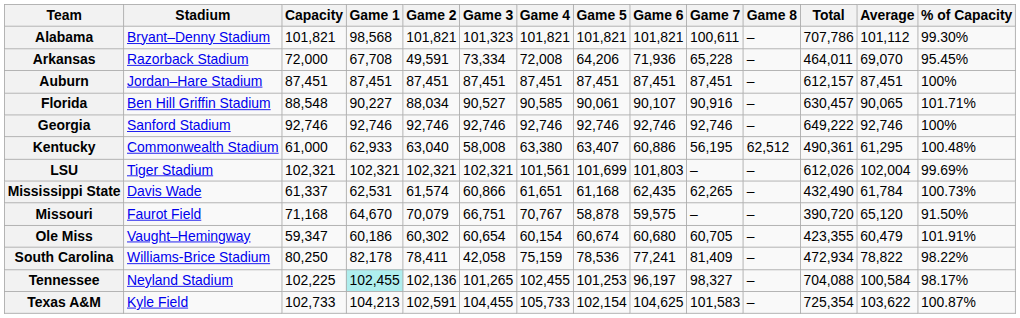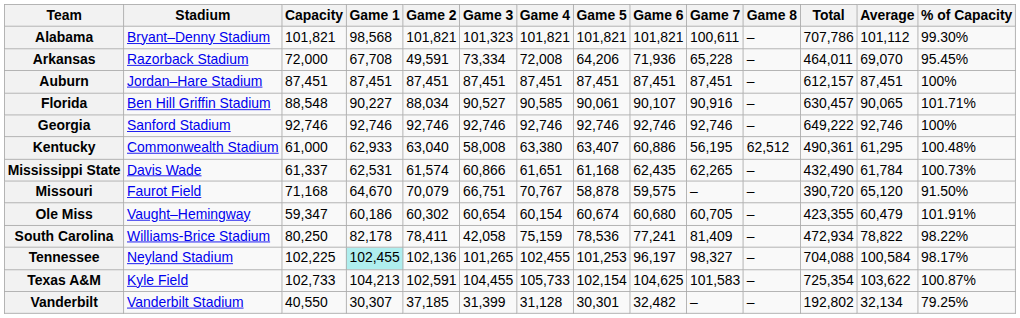 <table class="wikitable sortable">
 <tr>
 <th>Team</th>
 <th>Stadium</th>
 <th>Capacity</th>
 <th>Game 1</th>
 <th>Game 2</th>
 <th>Game 3</th>
 <th>Game 4</th>
 <th>Game 5</th>
 <th>Game 6</th>
 <th>Game 7</th>
 <th>Game 8</th>
 <th>Total</th>
 <th>Average</th>
 <th>% of Capacity</th>
 </tr>
 <tr>
 <th>Alabama</th>
 <td><a href='#'>Bryant–Denny Stadium</a></td>
 <td>101,821</td>
 <td>98,568</td>
 <td>101,821</td>
 <td>101,323</td>
 <td>101,821</td>
 <td>101,821</td>
 <td>101,821</td>
 <td>100,611</td>
 <td>–</td>
 <td>707,786</td>
 <td>101,112</td>
 <td>99.30%</td>
 </tr>
 <tr>
 <th>Arkansas</th>
 <td><a href='#'>Razorback Stadium</a></td>
 <td>72,000</td>
 <td>67,708</td>
 <td>49,591</td>
 <td>73,334</td>
 <td>72,008</td>
 <td>64,206</td>
 <td>71,936</td>
 <td>65,228</td>
 <td>–</td>
 <td>464,011</td>
 <td>69,070</td>
 <td>95.45%</td>
 </tr>
 <tr>
 <th>Auburn</th>
 <td><a href='#'>Jordan–Hare Stadium</a></td>
 <td>87,451</td>
 <td>87,451</td>
 <td>87,451</td>
 <td>87,451</td>
 <td>87,451</td>
 <td>87,451</td>
 <td>87,451</td>
 <td>87,451</td>
 <td>–</td>
 <td>612,157</td>
 <td>87,451</td>
 <td>100%</td>
 </tr>
 <tr>
 <th>Florida</th>
 <td><a href='#'>Ben Hill Griffin Stadium</a></td>
 <td>88,548</td>
 <td>90,227</td>
 <td>88,034</td>
 <td>90,527</td>
 <td>90,585</td>
 <td>90,061</td>
 <td>90,107</td>
 <td>90,916</td>
 <td>–</td>
 <td>630,457</td>
 <td>90,065</td>
 <td>101.71%</td>
 </tr>
 <tr>
 <th>Georgia</th>
 <td><a href='#'>Sanford Stadium</a></td>
 <td>92,746</td>
 <td>92,746</td>
 <td>92,746</td>
 <td>92,746</td>
 <td>92,746</td>
 <td>92,746</td>
 <td>92,746</td>
 <td>92,746</td>
 <td>–</td>
 <td>649,222</td>
 <td>92,746</td>
 <td>100%</td>
 </tr>
 <tr>
 <th>Kentucky</th>
 <td><a href='#'>Commonwealth Stadium</a></td>
 <td>61,000</td>
 <td>62,933</td>
 <td>63,040</td>
 <td>58,008</td>
 <td>63,380</td>
 <td>63,407</td>
 <td>60,886</td>
 <td>56,195</td>
 <td>62,512</td>
 <td>490,361</td>
 <td>61,295</td>
 <td>100.48%</td>
 </tr>
 <tr>
-<th>LSU</th>
-<td><a href='#'>Tiger Stadium</a></td>
-<td>102,321</td>
-<td>102,321</td>
-<td>102,321</td>
-<td>102,321</td>
-<td>101,561</td>
-<td>101,699</td>
-<td>101,803</td>
-<td>–</td>
-<td>–</td>
-<td>612,026</td>
-<td>102,004</td>
-<td>99.69%</td>
-</tr>
-<tr>
 <th>Mississippi State</th>
 <td><a href='#'>Davis Wade</a></td>
 <td>61,337</td>
 <td>62,531</td>
 <td>61,574</td>
 <td>60,866</td>
 <td>61,651</td>
 <td>61,168</td>
 <td>62,435</td>
 <td>62,265</td>
 <td>–</td>
 <td>432,490</td>
 <td>61,784</td>
 <td>100.73%</td>
 </tr>
 <tr>
 <th>Missouri</th>
 <td><a href='#'>Faurot Field</a></td>
 <td>71,168</td>
 <td>64,670</td>
 <td>70,079</td>
 <td>66,751</td>
 <td>70,767</td>
 <td>58,878</td>
 <td>59,575</td>
 <td>–</td>
 <td>–</td>
 <td>390,720</td>
 <td>65,120</td>
 <td>91.50%</td>
 </tr>
 <tr>
 <th>Ole Miss</th>
 <td><a href='#'>Vaught–Hemingway</a></td>
 <td>59,347</td>
 <td>60,186</td>
 <td>60,302</td>
 <td>60,654</td>
 <td>60,154</td>
 <td>60,674</td>
 <td>60,680</td>
 <td>60,705</td>
 <td>–</td>
 <td>423,355</td>
 <td>60,479</td>
 <td>101.91%</td>
 </tr>
 <tr>
 <th>South Carolina</th>
 <td><a href='#'>Williams-Brice Stadium</a></td>
 <td>80,250</td>
 <td>82,178</td>
 <td>78,411</td>
 <td>42,058</td>
 <td>75,159</td>
 <td>78,536</td>
 <td>77,241</td>
 <td>81,409</td>
 <td>–</td>
 <td>472,934</td>
 <td>78,822</td>
 <td>98.22%</td>
 </tr>
 <tr>
 <th>Tennessee</th>
 <td><a href='#'>Neyland Stadium</a></td>
 <td>102,225</td>
 <td style="background: paleturquoise;">102,455</td>
 <td>102,136</td>
 <td>101,265</td>
 <td>102,455</td>
 <td>101,253</td>
 <td>96,197</td>
 <td>98,327</td>
 <td>–</td>
 <td>704,088</td>
 <td>100,584</td>
 <td>98.17%</td>
 </tr>
 <tr>
 <th>Texas A&M</th>
 <td><a href='#'>Kyle Field</a></td>
 <td>102,733</td>
 <td>104,213</td>
 <td>102,591</td>
 <td>104,455</td>
 <td>105,733</td>
 <td>102,154</td>
 <td>104,625</td>
 <td>101,583</td>
 <td>–</td>
 <td>725,354</td>
 <td>103,622</td>
 <td>100.87%</td>
 </tr>
+<tr>
+<th>Vanderbilt</th>
+<td><a href='#'>Vanderbilt Stadium</a></td>
+<td>40,550</td>
+<td>30,307</td>
+<td>37,185</td>
+<td>31,399</td>
+<td>31,128</td>
+<td>30,301</td>
+<td>32,482</td>
+<td>–</td>
+<td>–</td>
+<td>192,802</td>
+<td>32,134</td>
+<td>79.25%</td>
+</tr>
 </table>
